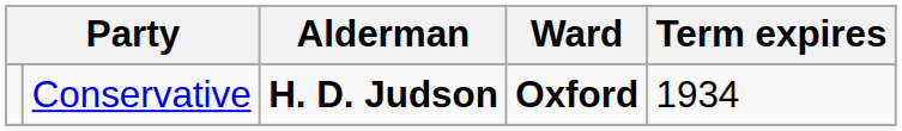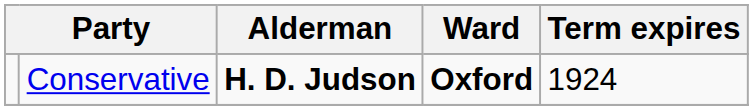 <table class="wikitable">
 <tr>
 <th colspan="2">Party</th>
 <th>Alderman</th>
 <th>Ward</th>
 <th>Term expires</th>
 </tr>
 <tr>
 <td style="background-color:"></td>
 <td><a href='#'>Conservative</a></td>
 <td><strong>H. D. Judson</strong></td>
 <td><strong>Oxford</strong></td>
-<td>1934</td>
+<td>1924</td>
 </tr>
 <tr>
 </tr>
 </table>
